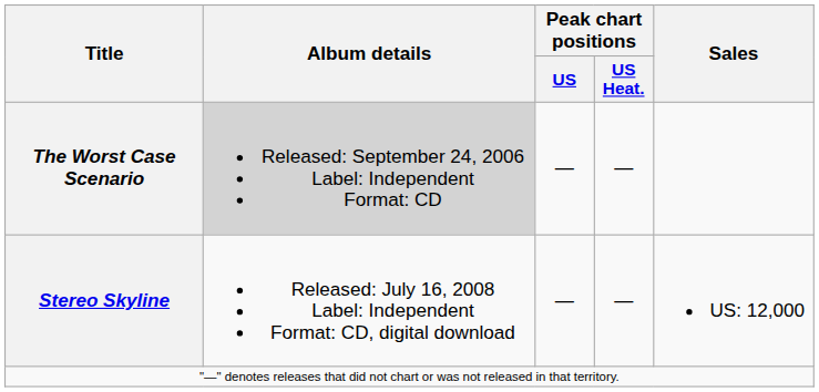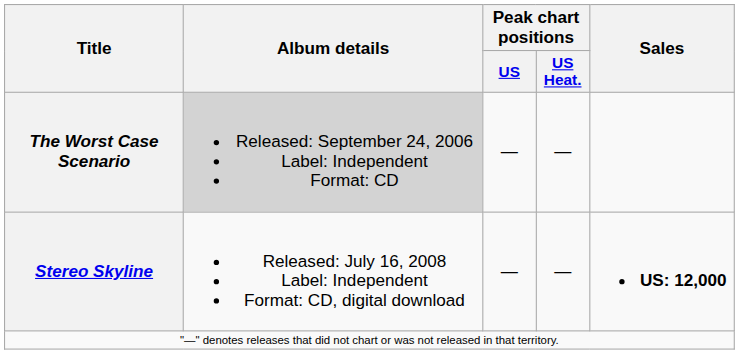 <table class="wikitable plainrowheaders" style="text-align:center;" border="1">
 <tr>
 <th scope="col" rowspan="2" style="width:10em;">Title</th>
 <th scope="col" rowspan="2" style="width:17em;">Album details</th>
 <th scope="col" colspan="2">Peak chart positions</th>
 <th scope="col" rowspan="2" style="width:8em;">Sales</th>
 </tr>
 <tr>
 <th scope="col" style="width:3em;font-size:90%;"><a href='#'>US</a><br></th>
 <th scope="col" style="width:3em;font-size:90%;"><a href='#'>US<br>Heat.</a><br></th>
 </tr>
 <tr>
 <th scope="row"><em>The Worst Case Scenario</em></th>
 <td style="background: lightgrey;"><br><ul><li>Released: September 24, 2006</li><li>Label: Independent</li><li>Format: CD</li></ul></td>
 <td>—</td>
 <td>—</td>
 <td></td>
 </tr>
 <tr>
 <th scope="row"><em><a href='#'>Stereo Skyline</a></em></th>
 <td><br><ul><li>Released: July 16, 2008</li><li>Label: Independent</li><li>Format: CD, digital download</li></ul></td>
 <td>—</td>
 <td>—</td>
-<td><br><ul><li>US: 12,000</li></ul></td>
+<td><strong><br><ul><li>US: 12,000</li></ul></strong></td>
 </tr>
 <tr>
 <td colspan="10" style="font-size:8pt">"—" denotes releases that did not chart or was not released in that territory.</td>
 </tr>
 </table>
